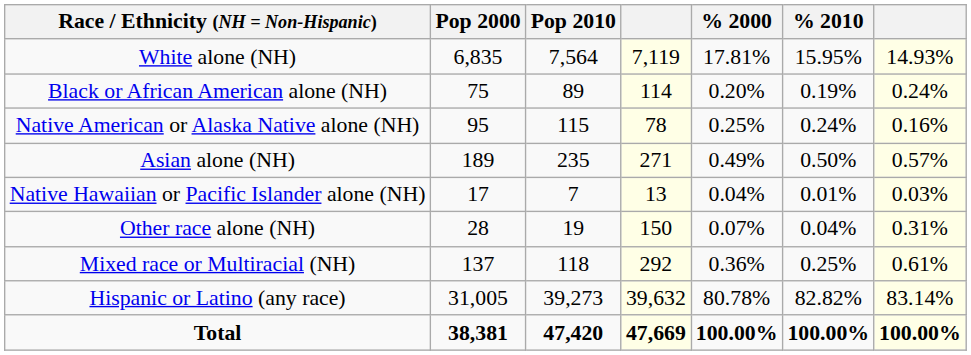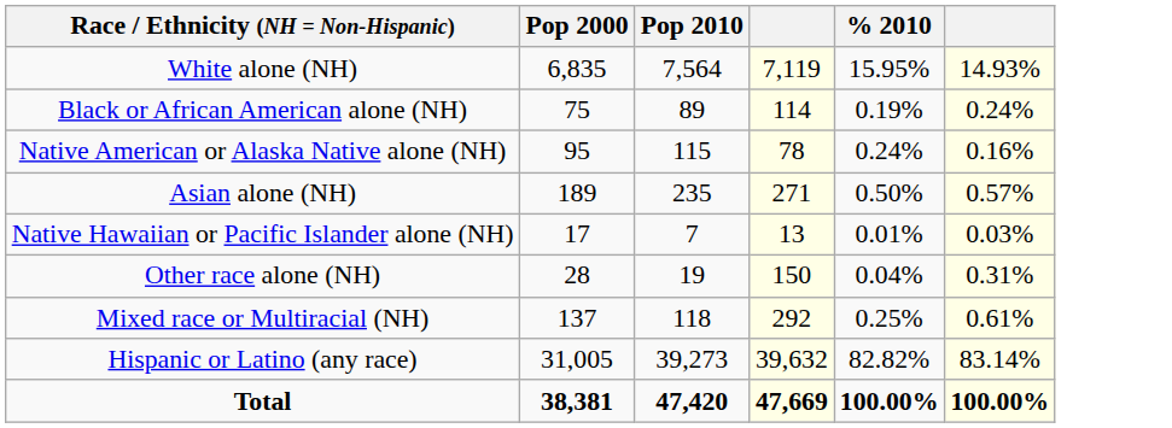 <table class="wikitable" style="text-align:center;">
 <tr>
 <th>Race / Ethnicity <small>(<em>NH = Non-Hispanic</em>)</small></th>
 <th>Pop 2000</th>
 <th>Pop 2010</th>
 <th></th>
-<th>% 2000</th>
 <th>% 2010</th>
 <th></th>
 </tr>
 <tr>
 <td><a href='#'>White</a> alone (NH)</td>
 <td>6,835</td>
 <td>7,564</td>
 <td style='background: #ffffe6;'>7,119</td>
-<td>17.81%</td>
 <td>15.95%</td>
 <td style='background: #ffffe6;'>14.93%</td>
 </tr>
 <tr>
 <td><a href='#'>Black or African American</a> alone (NH)</td>
 <td>75</td>
 <td>89</td>
 <td style='background: #ffffe6;'>114</td>
-<td>0.20%</td>
 <td>0.19%</td>
 <td style='background: #ffffe6;'>0.24%</td>
 </tr>
 <tr>
 <td><a href='#'>Native American</a> or <a href='#'>Alaska Native</a> alone (NH)</td>
 <td>95</td>
 <td>115</td>
 <td style='background: #ffffe6;'>78</td>
-<td>0.25%</td>
 <td>0.24%</td>
 <td style='background: #ffffe6;'>0.16%</td>
 </tr>
 <tr>
 <td><a href='#'>Asian</a> alone (NH)</td>
 <td>189</td>
 <td>235</td>
 <td style='background: #ffffe6;'>271</td>
-<td>0.49%</td>
 <td>0.50%</td>
 <td style='background: #ffffe6;'>0.57%</td>
 </tr>
 <tr>
 <td><a href='#'>Native Hawaiian</a> or <a href='#'>Pacific Islander</a> alone (NH)</td>
 <td>17</td>
 <td>7</td>
 <td style='background: #ffffe6;'>13</td>
-<td>0.04%</td>
 <td>0.01%</td>
 <td style='background: #ffffe6;'>0.03%</td>
 </tr>
 <tr>
 <td><a href='#'>Other race</a> alone (NH)</td>
 <td>28</td>
 <td>19</td>
 <td style='background: #ffffe6;'>150</td>
-<td>0.07%</td>
 <td>0.04%</td>
 <td style='background: #ffffe6;'>0.31%</td>
 </tr>
 <tr>
 <td><a href='#'>Mixed race or Multiracial</a> (NH)</td>
 <td>137</td>
 <td>118</td>
 <td style='background: #ffffe6;'>292</td>
-<td>0.36%</td>
 <td>0.25%</td>
 <td style='background: #ffffe6;'>0.61%</td>
 </tr>
 <tr>
 <td><a href='#'>Hispanic or Latino</a> (any race)</td>
 <td>31,005</td>
 <td>39,273</td>
 <td style='background: #ffffe6;'>39,632</td>
-<td>80.78%</td>
 <td>82.82%</td>
 <td style='background: #ffffe6;'>83.14%</td>
 </tr>
 <tr>
 <td><strong>Total</strong></td>
 <td><strong>38,381</strong></td>
 <td><strong>47,420</strong></td>
 <td style='background: #ffffe6;'><strong>47,669</strong></td>
 <td><strong>100.00%</strong></td>
-<td><strong>100.00%</strong></td>
 <td style='background: #ffffe6;'><strong>100.00%</strong></td>
 </tr>
 </table>
